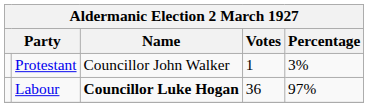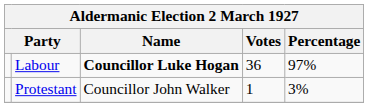 <table class="wikitable">
 <tr>
 <th colspan="5"><strong>Aldermanic Election 2 March 1927</strong></th>
 </tr>
 <tr>
 <th colspan="2">Party</th>
 <th>Name</th>
 <th>Votes</th>
 <th>Percentage</th>
 </tr>
 <tr>
 <td style="background-color:"></td>
+<td><a href='#'>Labour</a></td>
+<td><strong>Councillor Luke Hogan</strong></td>
+<td>36</td>
+<td>97%</td>
+</tr>
+<tr>
+<td style="background-color:"></td>
 <td><a href='#'>Protestant</a></td>
 <td>Councillor John Walker</td>
 <td>1</td>
 <td>3%</td>
 </tr>
 <tr>
-<td style="background-color:"></td>
-<td><a href='#'>Labour</a></td>
-<td><strong>Councillor Luke Hogan</strong></td>
-<td>36</td>
-<td>97%</td>
-</tr>
-<tr>
 </tr>
 </table>
